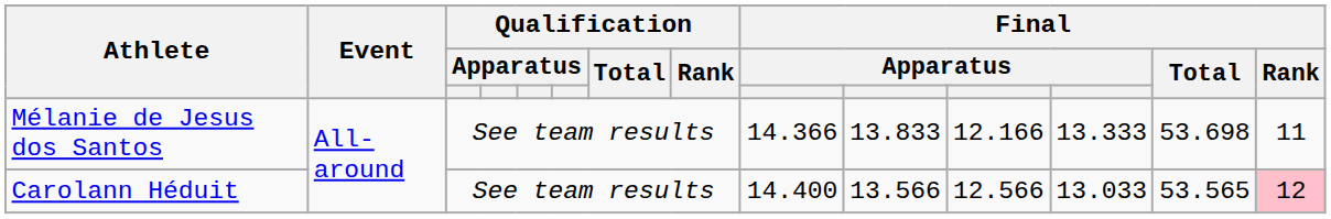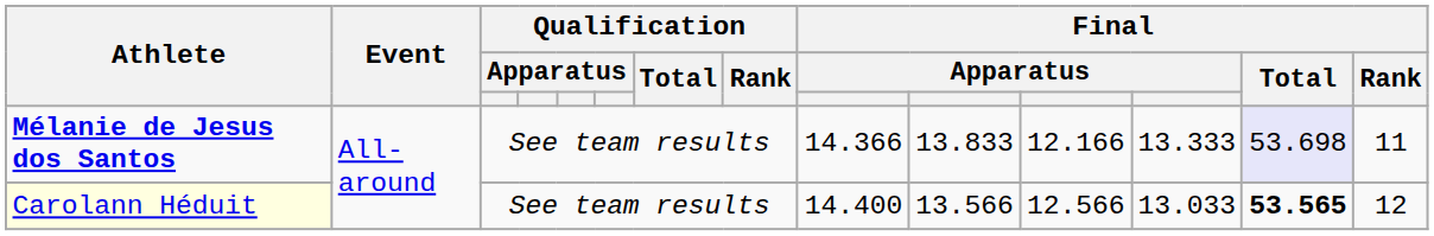 <table class="wikitable" style="font-size:90%">
 <tr>
 <th rowspan=3>Athlete</th>
 <th rowspan=3>Event</th>
 <th colspan=6>Qualification</th>
 <th colspan=6>Final</th>
 </tr>
 <tr style="font-size:95%">
 <th colspan=4>Apparatus</th>
 <th rowspan=2>Total</th>
 <th rowspan=2>Rank</th>
 <th colspan=4>Apparatus</th>
 <th rowspan=2>Total</th>
 <th rowspan=2>Rank</th>
 </tr>
 <tr style="font-size:95%">
 <th></th>
 <th></th>
 <th></th>
 <th></th>
 <th></th>
 <th></th>
 <th></th>
 <th></th>
 </tr>
 <tr align=center>
-<td align=left><a href='#'>Mélanie de Jesus dos Santos</a></td>
+<td align=left><strong><a href='#'>Mélanie de Jesus dos Santos</a></strong></td>
 <td align=left rowspan=2><a href='#'>All-around</a></td>
 <td colspan=6><em>See team results</em></td>
 <td>14.366</td>
 <td>13.833</td>
 <td>12.166</td>
 <td>13.333</td>
-<td>53.698</td>
+<td style="background: lavender;">53.698</td>
 <td>11</td>
 </tr>
 <tr align=center>
-<td align=left><a href='#'>Carolann Héduit</a></td>
+<td align=left style="background: lightyellow;"><a href='#'>Carolann Héduit</a></td>
 <td colspan=6><em>See team results</em></td>
 <td>14.400</td>
 <td>13.566</td>
 <td>12.566</td>
 <td>13.033</td>
-<td>53.565</td>
-<td style="background: pink;">12</td>
+<td><strong>53.565</strong></td>
+<td>12</td>
 </tr>
 </table>
